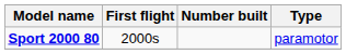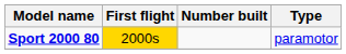 <table class="wikitable" align=center style="font-size:90%;">
 <tr>
 </tr>
 <tr style="background:#efefef;">
 <th>Model name</th>
 <th>First flight</th>
 <th>Number built</th>
 <th>Type</th>
 </tr>
 <tr>
 <td align=left><strong><a href='#'>Sport 2000 80</a></strong></td>
-<td align=center>2000s</td>
+<td align=center style="background: gold;">2000s</td>
 <td align=center></td>
 <td align=left><a href='#'>paramotor</a></td>
 </tr>
 <tr>
 </tr>
 </table>
